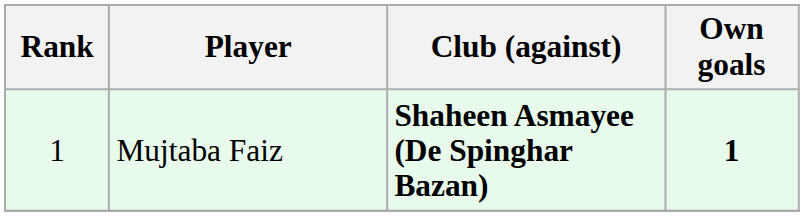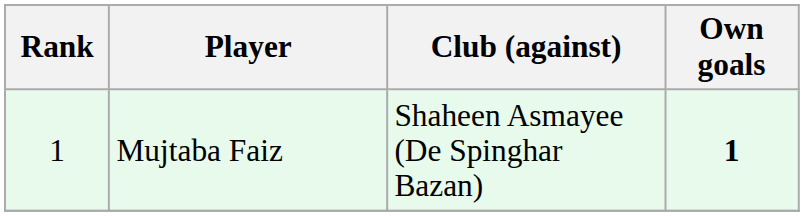 <table class="wikitable sortable" style="text-align:center; width:65%;">
 <tr>
 <th style="width: 4%;">Rank</th>
 <th style="width:23%;">Player</th>
 <th style="width:23%;">Club (against)</th>
 <th style="width:11%;">Own goals</th>
 </tr>
 <tr bgcolor="#E7FAEC">
 <td>1</td>
 <td style="text-align:left;">Mujtaba Faiz</td>
-<td style="text-align:left;"><strong>Shaheen Asmayee (De Spinghar Bazan)</strong></td>
+<td style="text-align:left;">Shaheen Asmayee (De Spinghar Bazan)</td>
 <td><strong>1</strong></td>
 </tr>
 <tr>
 </tr>
 </table>
